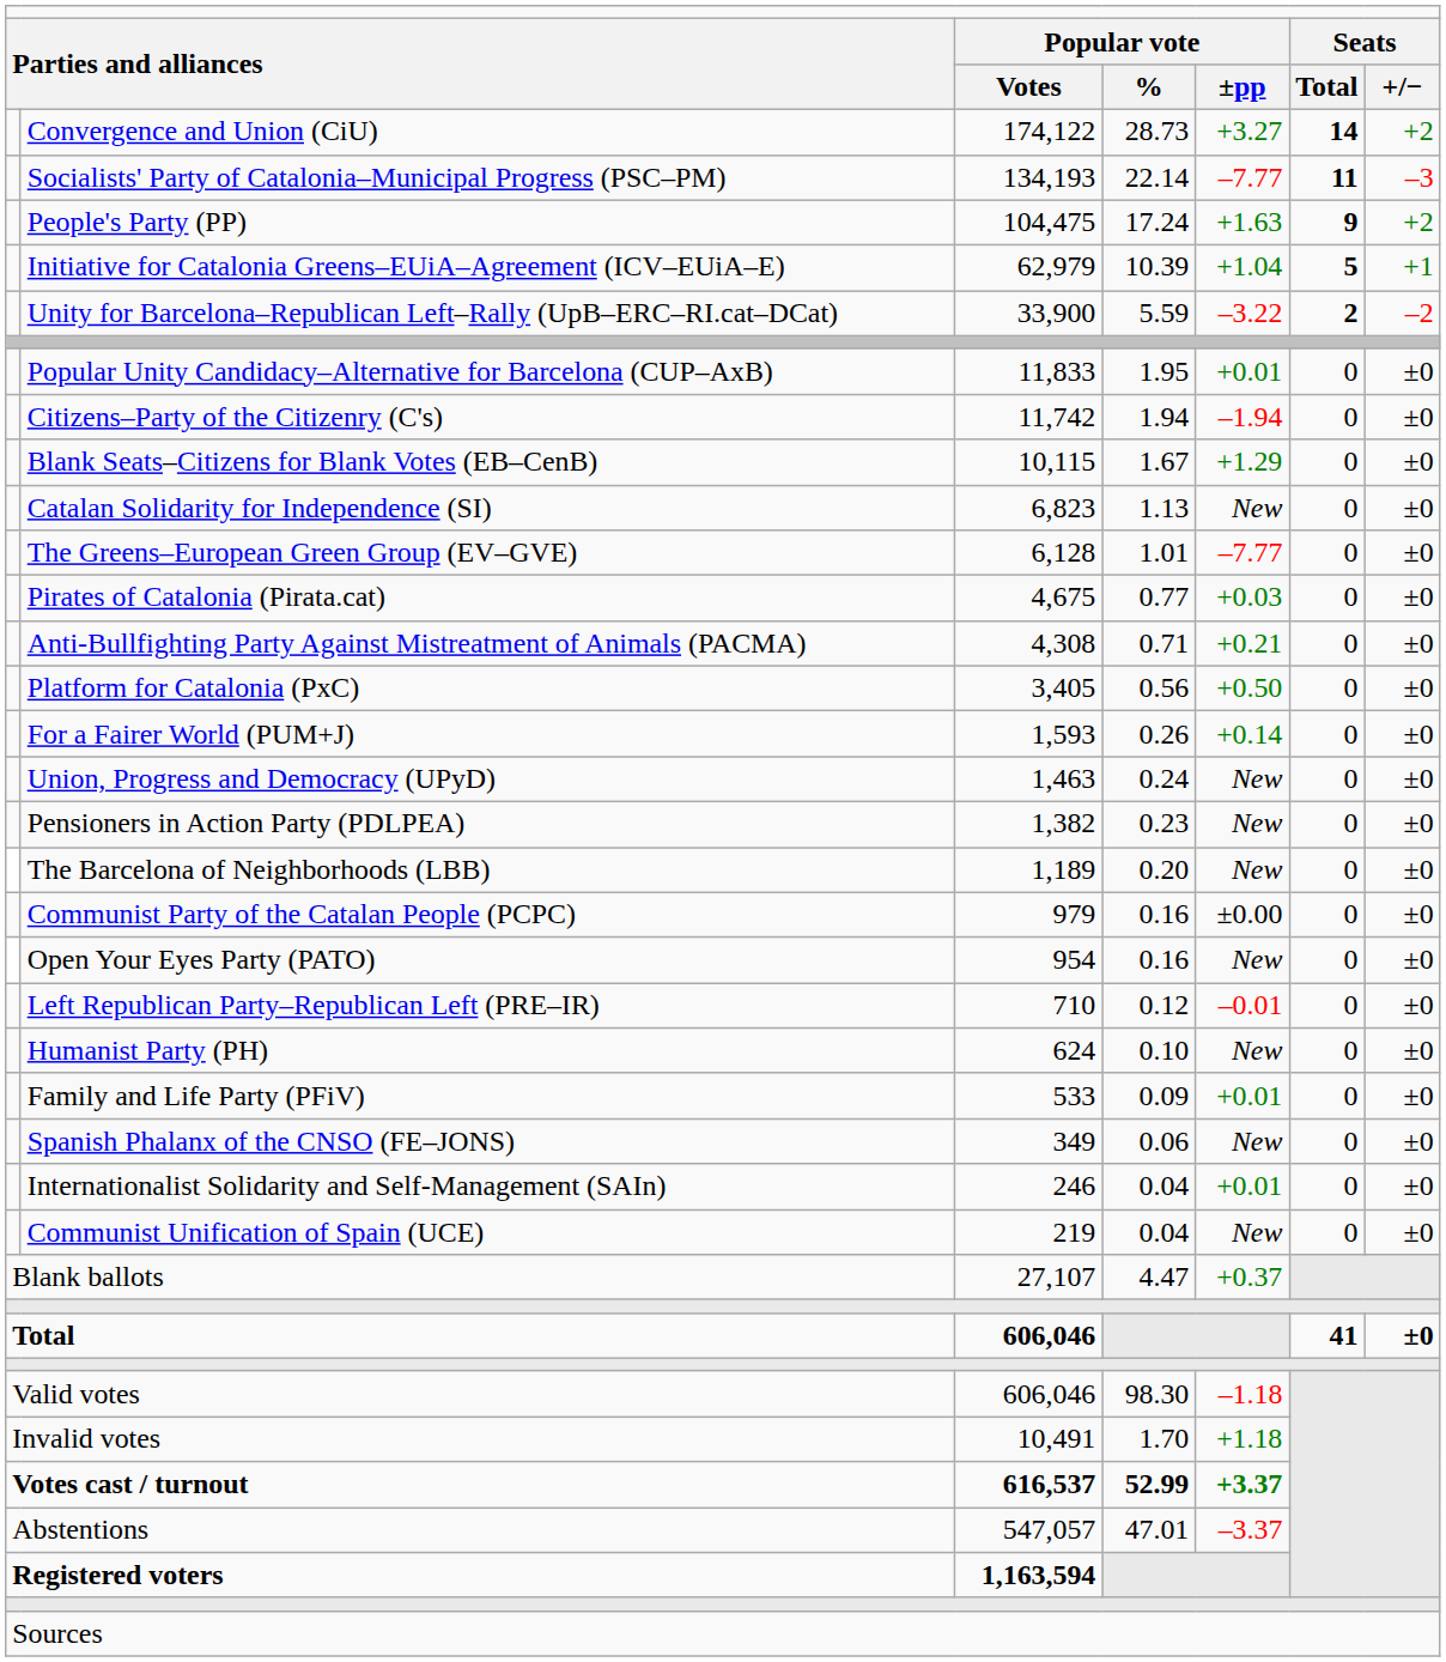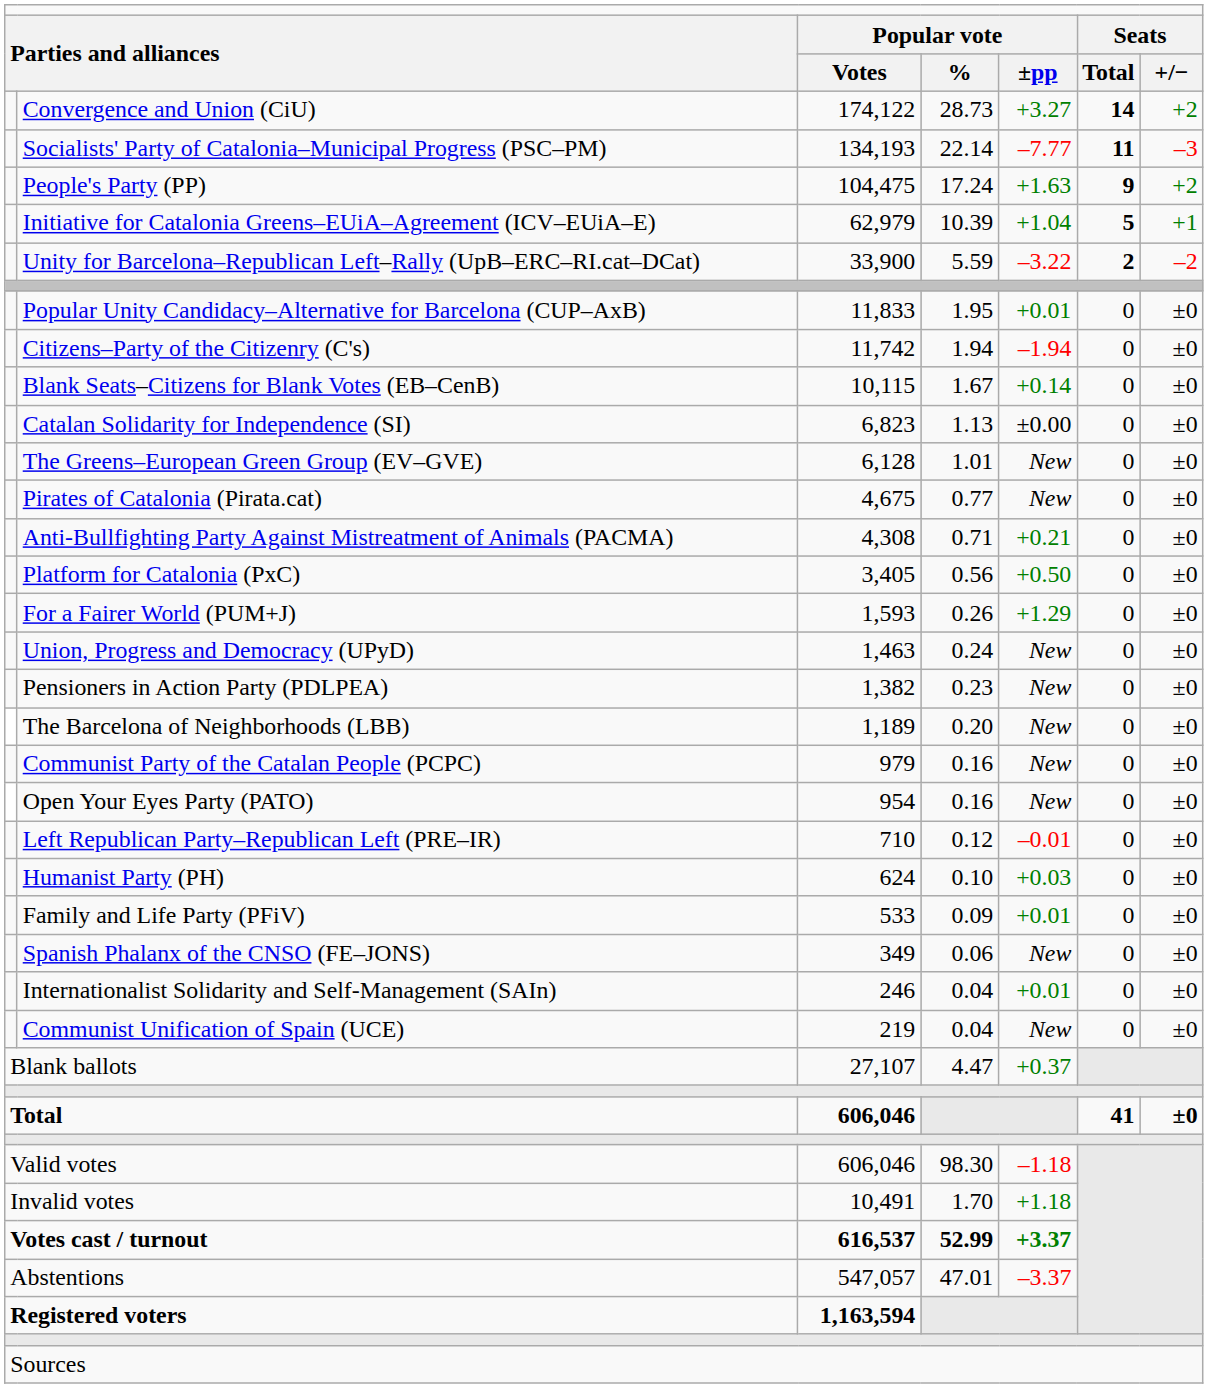 <table class="wikitable" style="text-align:right;">
 <tr>
 <td colspan="7"></td>
 </tr>
 <tr>
 <th style="text-align:left;" rowspan="2" colspan="2" width="525">Parties and alliances</th>
 <th colspan="3">Popular vote</th>
 <th colspan="2">Seats</th>
 </tr>
 <tr>
 <th width="75">Votes</th>
 <th width="45">%</th>
 <th width="45">±<a href='#'>pp</a></th>
 <th width="35">Total</th>
 <th width="35">+/−</th>
 </tr>
 <tr>
 <td width="1" style="color:inherit;background:"></td>
 <td align="left"><a href='#'>Convergence and Union</a> (CiU)</td>
 <td>174,122</td>
 <td>28.73</td>
 <td style="color:green;">+3.27</td>
 <td><strong>14</strong></td>
 <td style="color:green;">+2</td>
 </tr>
 <tr>
 <td style="color:inherit;background:"></td>
 <td align="left"><a href='#'>Socialists' Party of Catalonia–Municipal Progress</a> (PSC–PM)</td>
 <td>134,193</td>
 <td>22.14</td>
 <td style="color:red;">–7.77</td>
 <td><strong>11</strong></td>
 <td style="color:red;">–3</td>
 </tr>
 <tr>
 <td style="color:inherit;background:"></td>
 <td align="left"><a href='#'>People's Party</a> (PP)</td>
 <td>104,475</td>
 <td>17.24</td>
 <td style="color:green;">+1.63</td>
 <td><strong>9</strong></td>
 <td style="color:green;">+2</td>
 </tr>
 <tr>
 <td style="color:inherit;background:"></td>
 <td align="left"><a href='#'>Initiative for Catalonia Greens–EUiA–Agreement</a> (ICV–EUiA–E)</td>
 <td>62,979</td>
 <td>10.39</td>
 <td style="color:green;">+1.04</td>
 <td><strong>5</strong></td>
 <td style="color:green;">+1</td>
 </tr>
 <tr>
 <td style="color:inherit;background:"></td>
 <td align="left"><a href='#'>Unity for Barcelona–Republican Left</a>–<a href='#'>Rally</a> (UpB–ERC–RI.cat–DCat)</td>
 <td>33,900</td>
 <td>5.59</td>
 <td style="color:red;">–3.22</td>
 <td><strong>2</strong></td>
 <td style="color:red;">–2</td>
 </tr>
 <tr>
 <td colspan="7" bgcolor="#C0C0C0"></td>
 </tr>
 <tr>
 <td style="color:inherit;background:"></td>
 <td align="left"><a href='#'>Popular Unity Candidacy–Alternative for Barcelona</a> (CUP–AxB)</td>
 <td>11,833</td>
 <td>1.95</td>
 <td style="color:green;">+0.01</td>
 <td>0</td>
 <td>±0</td>
 </tr>
 <tr>
 <td style="color:inherit;background:"></td>
 <td align="left"><a href='#'>Citizens–Party of the Citizenry</a> (C's)</td>
 <td>11,742</td>
 <td>1.94</td>
 <td style="color:red;">–1.94</td>
 <td>0</td>
 <td>±0</td>
 </tr>
 <tr>
 <td style="color:inherit;background:"></td>
 <td align="left"><a href='#'>Blank Seats</a>–<a href='#'>Citizens for Blank Votes</a> (EB–CenB)</td>
 <td>10,115</td>
 <td>1.67</td>
-<td style="color:green;">+1.29</td>
+<td style="color:green;">+0.14</td>
 <td>0</td>
 <td>±0</td>
 </tr>
 <tr>
 <td style="color:inherit;background:"></td>
 <td align="left"><a href='#'>Catalan Solidarity for Independence</a> (SI)</td>
 <td>6,823</td>
 <td>1.13</td>
-<td><em>New</em></td>
+<td>±0.00</td>
 <td>0</td>
 <td>±0</td>
 </tr>
 <tr>
 <td style="color:inherit;background:"></td>
 <td align="left"><a href='#'>The Greens–European Green Group</a> (EV–GVE)</td>
 <td>6,128</td>
 <td>1.01</td>
-<td style="color:red;">–7.77</td>
+<td><em>New</em></td>
 <td>0</td>
 <td>±0</td>
 </tr>
 <tr>
 <td style="color:inherit;background:"></td>
 <td align="left"><a href='#'>Pirates of Catalonia</a> (Pirata.cat)</td>
 <td>4,675</td>
 <td>0.77</td>
-<td style="color:green;">+0.03</td>
+<td><em>New</em></td>
 <td>0</td>
 <td>±0</td>
 </tr>
 <tr>
 <td style="color:inherit;background:"></td>
 <td align="left"><a href='#'>Anti-Bullfighting Party Against Mistreatment of Animals</a> (PACMA)</td>
 <td>4,308</td>
 <td>0.71</td>
 <td style="color:green;">+0.21</td>
 <td>0</td>
 <td>±0</td>
 </tr>
 <tr>
 <td style="color:inherit;background:"></td>
 <td align="left"><a href='#'>Platform for Catalonia</a> (PxC)</td>
 <td>3,405</td>
 <td>0.56</td>
 <td style="color:green;">+0.50</td>
 <td>0</td>
 <td>±0</td>
 </tr>
 <tr>
 <td style="color:inherit;background:"></td>
 <td align="left"><a href='#'>For a Fairer World</a> (PUM+J)</td>
 <td>1,593</td>
 <td>0.26</td>
-<td style="color:green;">+0.14</td>
+<td style="color:green;">+1.29</td>
 <td>0</td>
 <td>±0</td>
 </tr>
 <tr>
 <td style="color:inherit;background:"></td>
 <td align="left"><a href='#'>Union, Progress and Democracy</a> (UPyD)</td>
 <td>1,463</td>
 <td>0.24</td>
 <td><em>New</em></td>
 <td>0</td>
 <td>±0</td>
 </tr>
 <tr>
 <td style="color:inherit;background:"></td>
 <td align="left">Pensioners in Action Party (PDLPEA)</td>
 <td>1,382</td>
 <td>0.23</td>
 <td><em>New</em></td>
 <td>0</td>
 <td>±0</td>
 </tr>
 <tr>
 <td bgcolor="white"></td>
 <td align="left">The Barcelona of Neighborhoods (LBB)</td>
 <td>1,189</td>
 <td>0.20</td>
 <td><em>New</em></td>
 <td>0</td>
 <td>±0</td>
 </tr>
 <tr>
 <td style="color:inherit;background:"></td>
 <td align="left"><a href='#'>Communist Party of the Catalan People</a> (PCPC)</td>
 <td>979</td>
 <td>0.16</td>
-<td>±0.00</td>
+<td><em>New</em></td>
 <td>0</td>
 <td>±0</td>
 </tr>
 <tr>
 <td bgcolor="white"></td>
 <td align="left">Open Your Eyes Party (PATO)</td>
 <td>954</td>
 <td>0.16</td>
 <td><em>New</em></td>
 <td>0</td>
 <td>±0</td>
 </tr>
 <tr>
 <td style="color:inherit;background:"></td>
 <td align="left"><a href='#'>Left Republican Party–Republican Left</a> (PRE–IR)</td>
 <td>710</td>
 <td>0.12</td>
 <td style="color:red;">–0.01</td>
 <td>0</td>
 <td>±0</td>
 </tr>
 <tr>
 <td style="color:inherit;background:"></td>
 <td align="left"><a href='#'>Humanist Party</a> (PH)</td>
 <td>624</td>
 <td>0.10</td>
-<td><em>New</em></td>
+<td style="color:green;">+0.03</td>
 <td>0</td>
 <td>±0</td>
 </tr>
 <tr>
 <td style="color:inherit;background:"></td>
 <td align="left">Family and Life Party (PFiV)</td>
 <td>533</td>
 <td>0.09</td>
 <td style="color:green;">+0.01</td>
 <td>0</td>
 <td>±0</td>
 </tr>
 <tr>
 <td style="color:inherit;background:"></td>
 <td align="left"><a href='#'>Spanish Phalanx of the CNSO</a> (FE–JONS)</td>
 <td>349</td>
 <td>0.06</td>
 <td><em>New</em></td>
 <td>0</td>
 <td>±0</td>
 </tr>
 <tr>
 <td style="color:inherit;background:"></td>
 <td align="left">Internationalist Solidarity and Self-Management (SAIn)</td>
 <td>246</td>
 <td>0.04</td>
 <td style="color:green;">+0.01</td>
 <td>0</td>
 <td>±0</td>
 </tr>
 <tr>
 <td style="color:inherit;background:"></td>
 <td align="left"><a href='#'>Communist Unification of Spain</a> (UCE)</td>
 <td>219</td>
 <td>0.04</td>
 <td><em>New</em></td>
 <td>0</td>
 <td>±0</td>
 </tr>
 <tr>
 <td align="left" colspan="2">Blank ballots</td>
 <td>27,107</td>
 <td>4.47</td>
 <td style="color:green;">+0.37</td>
 <td bgcolor="#E9E9E9" colspan="2"></td>
 </tr>
 <tr>
 <td colspan="7" bgcolor="#E9E9E9"></td>
 </tr>
 <tr style="font-weight:bold;">
 <td align="left" colspan="2">Total</td>
 <td>606,046</td>
 <td bgcolor="#E9E9E9" colspan="2"></td>
 <td>41</td>
 <td>±0</td>
 </tr>
 <tr>
 <td colspan="7" bgcolor="#E9E9E9"></td>
 </tr>
 <tr>
 <td align="left" colspan="2">Valid votes</td>
 <td>606,046</td>
 <td>98.30</td>
 <td style="color:red;">–1.18</td>
 <td bgcolor="#E9E9E9" colspan="2" rowspan="5"></td>
 </tr>
 <tr>
 <td align="left" colspan="2">Invalid votes</td>
 <td>10,491</td>
 <td>1.70</td>
 <td style="color:green;">+1.18</td>
 </tr>
 <tr style="font-weight:bold;">
 <td align="left" colspan="2">Votes cast / turnout</td>
 <td>616,537</td>
 <td>52.99</td>
 <td style="color:green;">+3.37</td>
 </tr>
 <tr>
 <td align="left" colspan="2">Abstentions</td>
 <td>547,057</td>
 <td>47.01</td>
 <td style="color:red;">–3.37</td>
 </tr>
 <tr style="font-weight:bold;">
 <td align="left" colspan="2">Registered voters</td>
 <td>1,163,594</td>
 <td bgcolor="#E9E9E9" colspan="2"></td>
 </tr>
 <tr>
 <td colspan="7" bgcolor="#E9E9E9"></td>
 </tr>
 <tr>
 <td align="left" colspan="7">Sources</td>
 </tr>
 </table>
